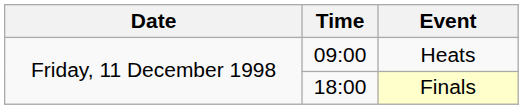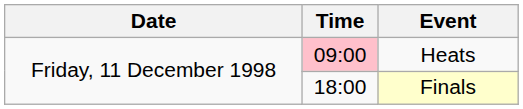 <table class = "wikitable" style="text-align:center;">
 <tr>
 <th width=220>Date</th>
 <th width=50>Time</th>
 <th width=100>Event</th>
 </tr>
 <tr>
 <td rowspan=2>Friday, 11 December 1998</td>
-<td>09:00</td>
+<td style="background: pink;">09:00</td>
 <td>Heats</td>
 </tr>
 <tr>
 <td>18:00</td>
 <td bgcolor=ffffcc>Finals</td>
 </tr>
 </table>
